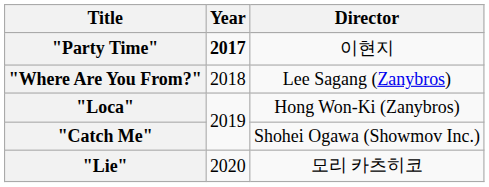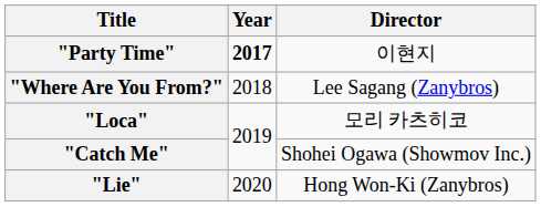 <table class="wikitable plainrowheaders" style="text-align:center;">
 <tr>
 <th>Title</th>
 <th>Year</th>
 <th>Director</th>
 </tr>
 <tr>
 <th scope="row">"Party Time"</th>
 <td><strong>2017</strong></td>
 <td>이현지</td>
 </tr>
 <tr>
 <th scope="row">"Where Are You From?"</th>
 <td>2018</td>
 <td>Lee Sagang (<a href='#'>Zanybros</a>)</td>
 </tr>
 <tr>
 <th scope="row">"Loca"</th>
 <td rowspan="2">2019</td>
-<td>Hong Won-Ki (Zanybros)</td>
+<td>모리 카츠히코</td>
 </tr>
 <tr>
 <th scope="row">"Catch Me"</th>
 <td>Shohei Ogawa (Showmov Inc.)</td>
 </tr>
 <tr>
 <th scope="row">"Lie"</th>
 <td>2020</td>
-<td>모리 카츠히코</td>
+<td>Hong Won-Ki (Zanybros)</td>
 </tr>
 </table>
